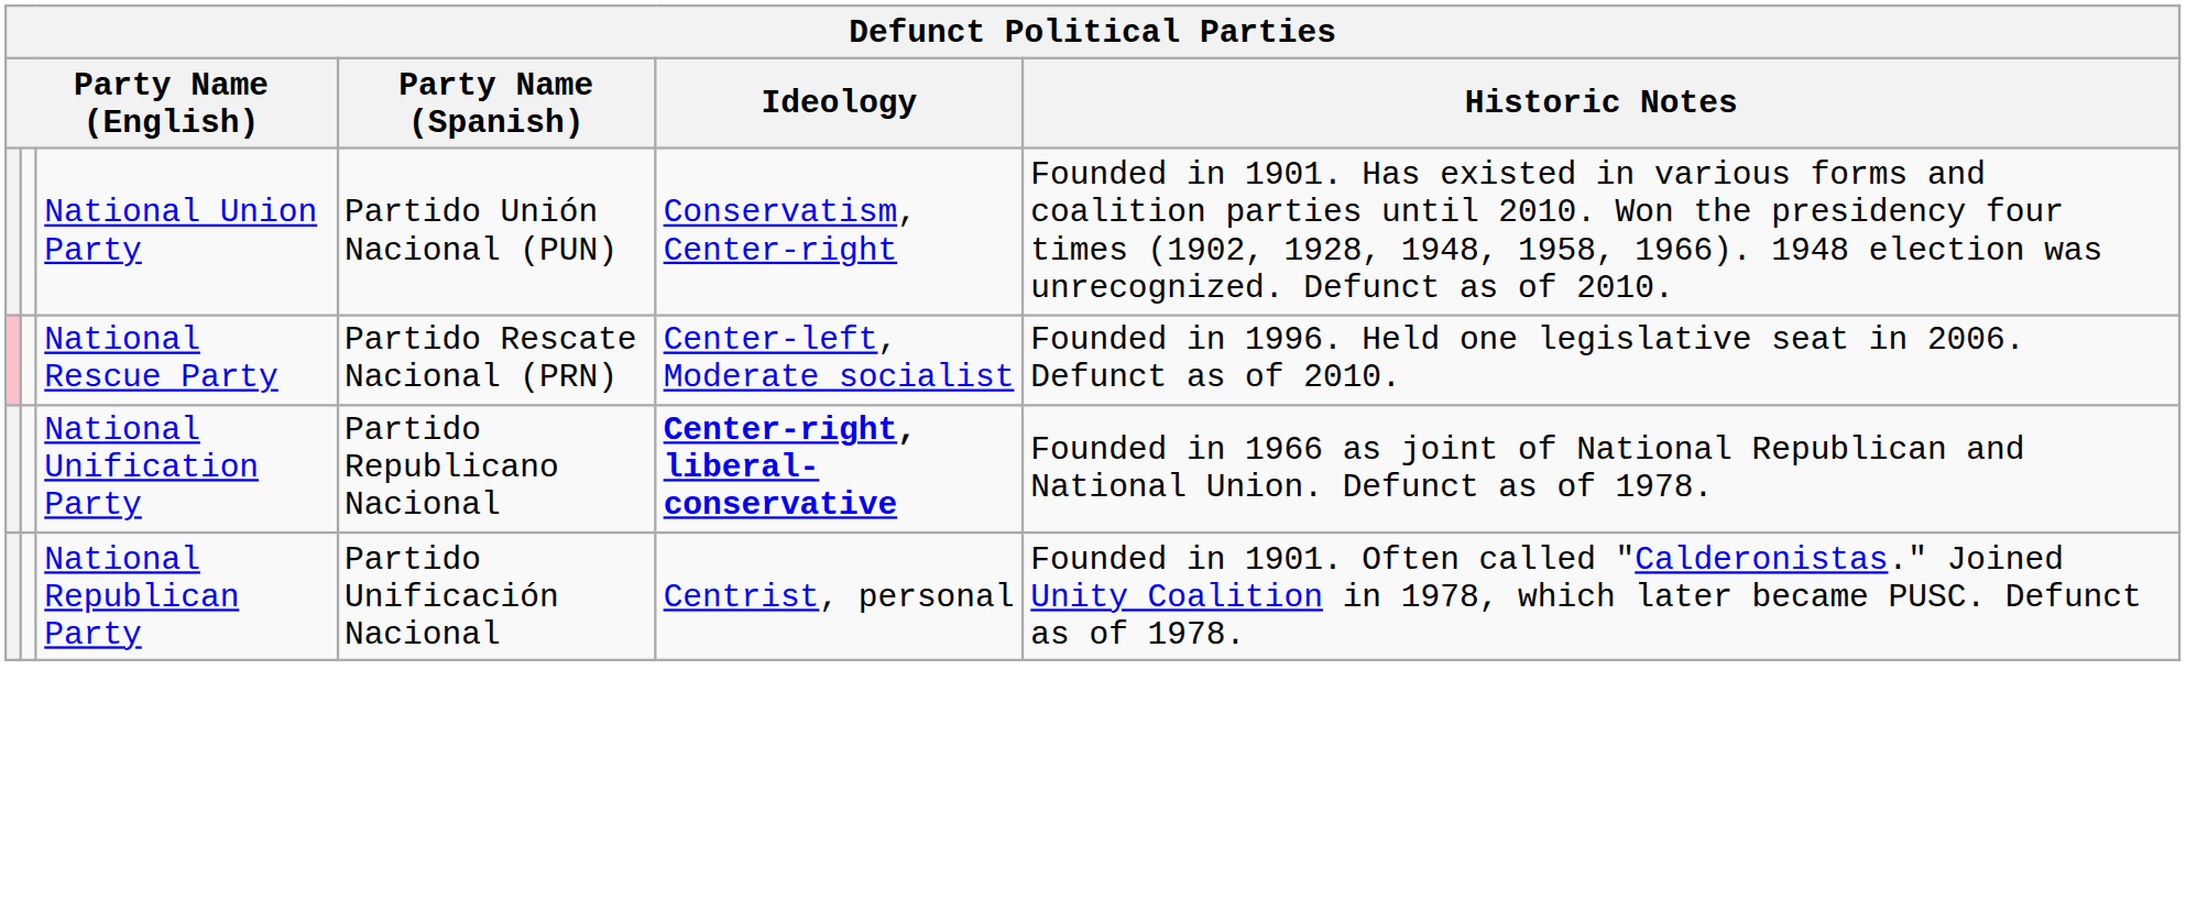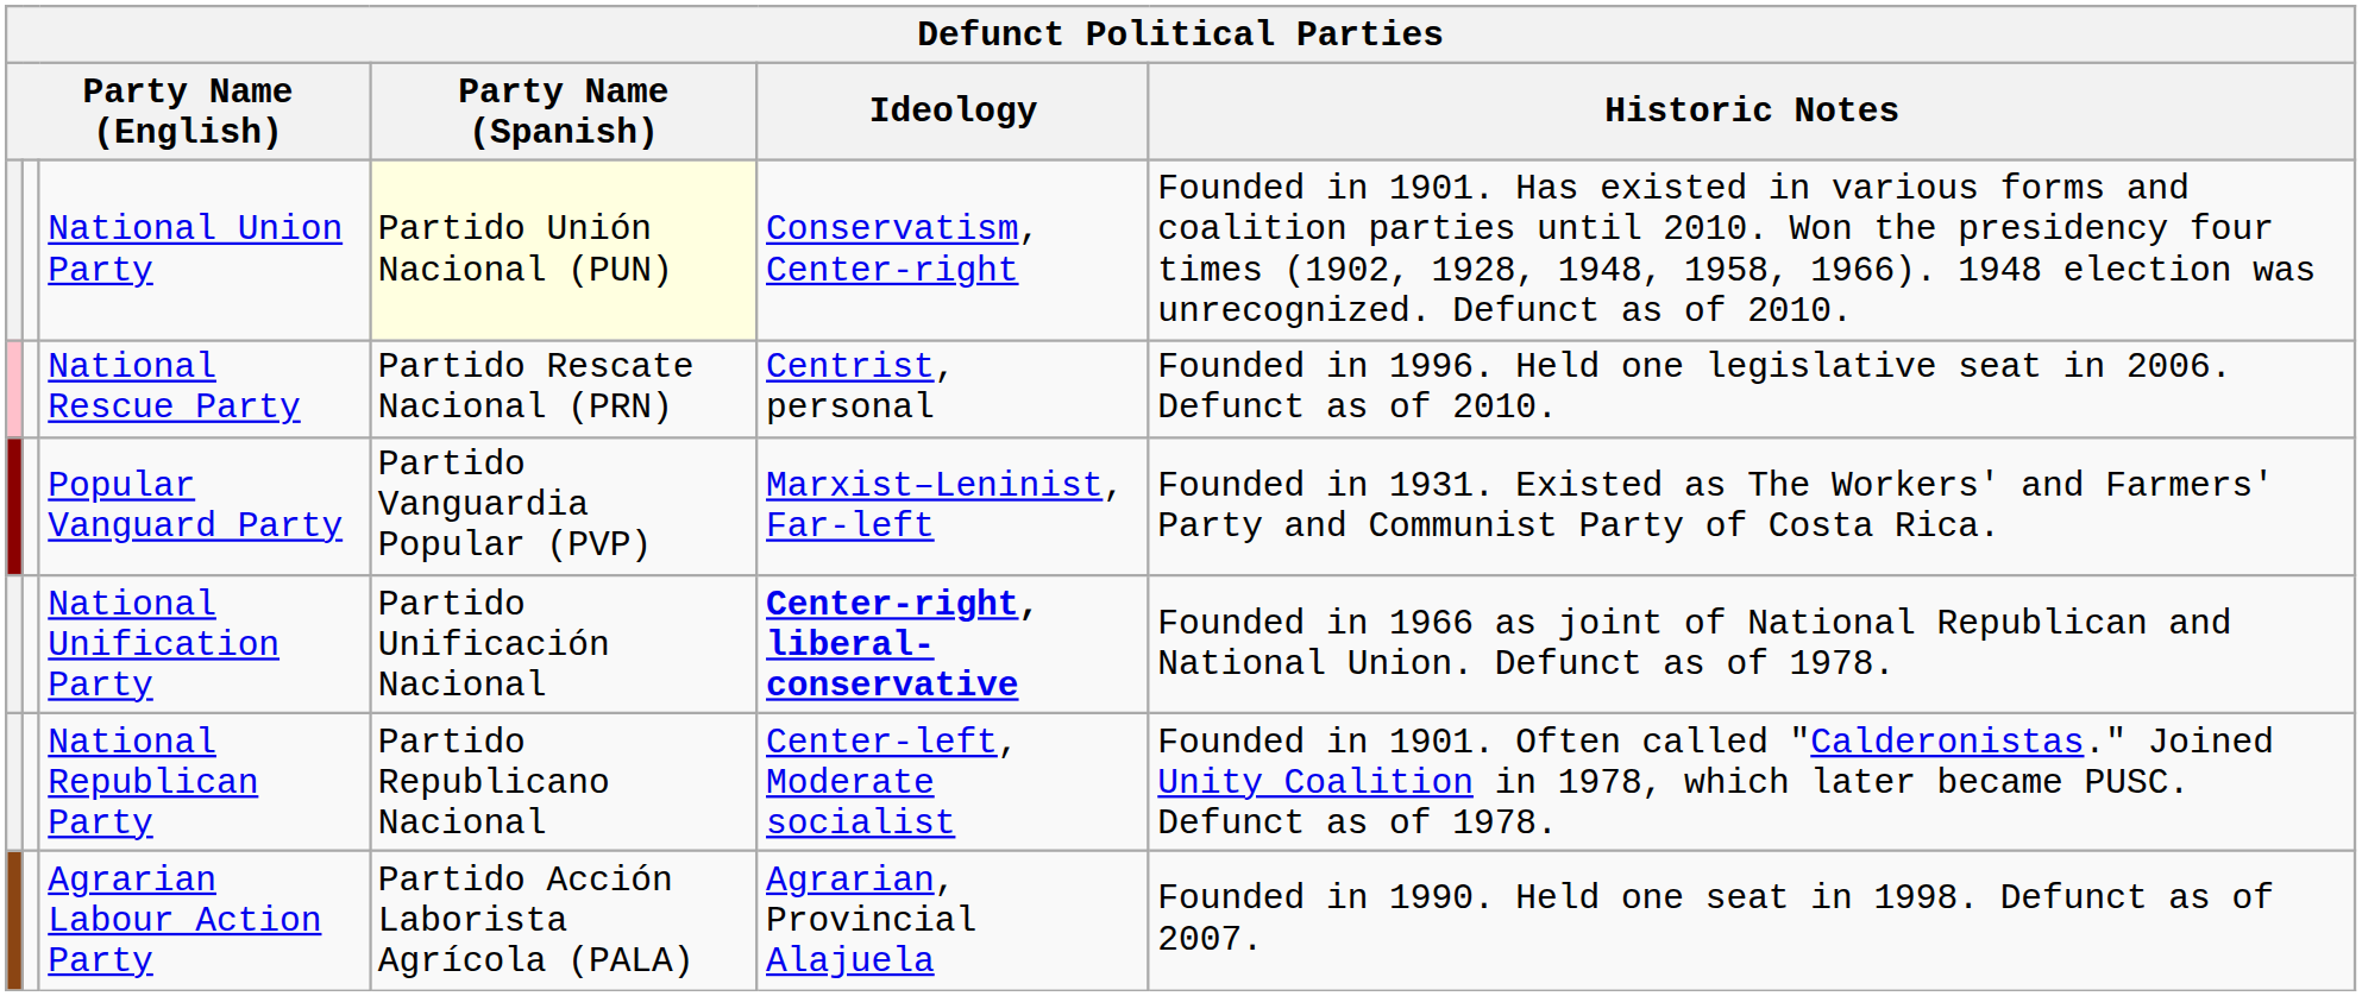 <table class="wikitable sortable collapsible">
 <tr>
 <th colspan="6"><strong>Defunct Political Parties</strong></th>
 </tr>
 <tr>
 <th colspan=3><strong>Party Name (English)</strong></th>
 <th><strong>Party Name (Spanish)</strong></th>
 <th><strong>Ideology</strong></th>
 <th><strong>Historic Notes</strong></th>
 </tr>
 <tr>
 <th style="background-color:"></th>
 <td></td>
 <td><a href='#'>National Union Party</a></td>
-<td>Partido Unión Nacional (PUN)</td>
+<td style="background: lightyellow;">Partido Unión Nacional (PUN)</td>
 <td><a href='#'>Conservatism</a>, <a href='#'>Center-right</a></td>
 <td>Founded in 1901. Has existed in various forms and coalition parties until 2010. Won the presidency four times (1902, 1928, 1948, 1958, 1966). 1948 election was unrecognized. Defunct as of 2010.</td>
 </tr>
 <tr>
 <th style="background-color:Pink"></th>
 <td></td>
 <td><a href='#'>National Rescue Party</a></td>
 <td>Partido Rescate Nacional (PRN)</td>
-<td><a href='#'>Center-left</a>, <a href='#'>Moderate socialist</a></td>
+<td><a href='#'>Centrist</a>, personal</td>
 <td>Founded in 1996. Held one legislative seat in 2006. Defunct as of 2010.</td>
+</tr>
+<tr>
+<th style="background-color:DarkRed"></th>
+<td></td>
+<td><a href='#'>Popular Vanguard Party</a></td>
+<td>Partido Vanguardia Popular (PVP)</td>
+<td><a href='#'>Marxist–Leninist</a>, <a href='#'>Far-left</a></td>
+<td>Founded in 1931. Existed as The Workers' and Farmers' Party and Communist Party of Costa Rica.</td>
 </tr>
 <tr>
 <th style="background-color:"></th>
 <td></td>
 <td><a href='#'>National Unification Party</a></td>
-<td>Partido Republicano Nacional</td>
+<td>Partido Unificación Nacional</td>
 <td><strong><a href='#'>Center-right</a>, <a href='#'>liberal-conservative</a></strong></td>
 <td>Founded in 1966 as joint of National Republican and National Union. Defunct as of 1978.</td>
 </tr>
 <tr>
 <th style="background-color:"></th>
 <td></td>
 <td><a href='#'>National Republican Party</a></td>
-<td>Partido Unificación Nacional</td>
-<td><a href='#'>Centrist</a>, personal</td>
+<td>Partido Republicano Nacional</td>
+<td><a href='#'>Center-left</a>, <a href='#'>Moderate socialist</a></td>
 <td>Founded in 1901. Often called "<a href='#'>Calderonistas</a>." Joined <a href='#'>Unity Coalition</a> in 1978, which later became PUSC. Defunct as of 1978.</td>
 </tr>
+<tr>
+<th style="background-color:SaddleBrown"></th>
+<td></td>
+<td><a href='#'>Agrarian Labour Action Party</a></td>
+<td>Partido Acción Laborista Agrícola (PALA)</td>
+<td><a href='#'>Agrarian</a>, Provincial <a href='#'>Alajuela</a></td>
+<td>Founded in 1990. Held one seat in 1998. Defunct as of 2007.</td>
+</tr>
 </table>
